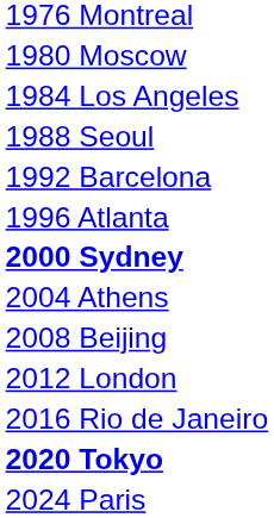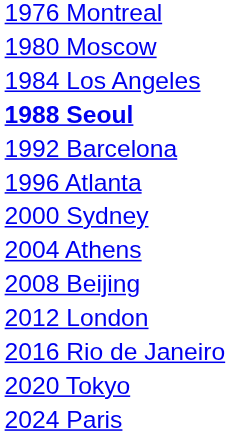 <table>
 <tr>
 <td><a href='#'>1976 Montreal</a><br></td>
 <td></td>
 <td></td>
 <td></td>
 </tr>
 <tr>
 <td><a href='#'>1980 Moscow</a><br></td>
 <td></td>
 <td></td>
 <td></td>
 </tr>
 <tr>
 <td><a href='#'>1984 Los Angeles</a><br></td>
 <td></td>
 <td></td>
 <td></td>
 </tr>
 <tr>
-<td><a href='#'>1988 Seoul</a><br></td>
+<td><strong><a href='#'>1988 Seoul</a><br></strong></td>
 <td></td>
 <td></td>
 <td></td>
 </tr>
 <tr>
 <td><a href='#'>1992 Barcelona</a><br></td>
 <td></td>
 <td></td>
 <td></td>
 </tr>
 <tr>
 <td><a href='#'>1996 Atlanta</a><br></td>
 <td></td>
 <td></td>
 <td></td>
 </tr>
 <tr>
-<td><strong><a href='#'>2000 Sydney</a><br></strong></td>
+<td><a href='#'>2000 Sydney</a><br></td>
 <td></td>
 <td></td>
 <td></td>
 </tr>
 <tr>
 <td><a href='#'>2004 Athens</a><br></td>
 <td></td>
 <td></td>
 <td></td>
 </tr>
 <tr>
 <td><a href='#'>2008 Beijing</a><br></td>
 <td></td>
 <td></td>
 <td></td>
 </tr>
 <tr>
 <td><a href='#'>2012 London</a><br></td>
 <td></td>
 <td></td>
 <td></td>
 </tr>
 <tr>
 <td><a href='#'>2016 Rio de Janeiro</a><br></td>
 <td></td>
 <td></td>
 <td></td>
 </tr>
 <tr>
-<td><strong><a href='#'>2020 Tokyo</a><br></strong></td>
+<td><a href='#'>2020 Tokyo</a><br></td>
 <td></td>
 <td></td>
 <td></td>
 </tr>
 <tr>
 <td><a href='#'>2024 Paris</a><br></td>
 <td></td>
 <td></td>
 <td></td>
 </tr>
 <tr>
 </tr>
 </table>
